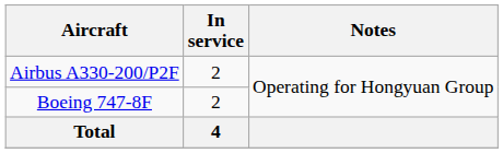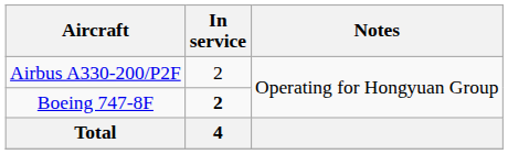 <table class="wikitable" style="margin:0.5em auto; text-align:center">
 <tr>
 <th>Aircraft</th>
 <th>In<br>service</th>
 <th>Notes</th>
 </tr>
 <tr>
 <td><a href='#'>Airbus A330-200/P2F</a></td>
 <td>2</td>
 <td rowspan="2">Operating for Hongyuan Group</td>
 </tr>
 <tr>
 <td><a href='#'>Boeing 747-8F</a></td>
-<td>2</td>
+<td><strong>2</strong></td>
 </tr>
 <tr>
 <th>Total</th>
 <th>4</th>
 <th></th>
 </tr>
 <tr>
 </tr>
 </table>
